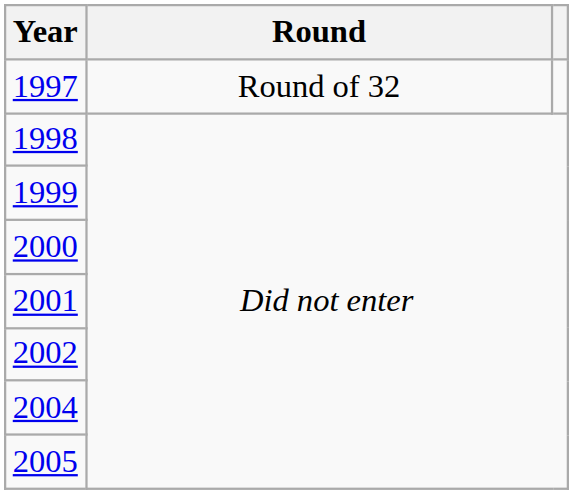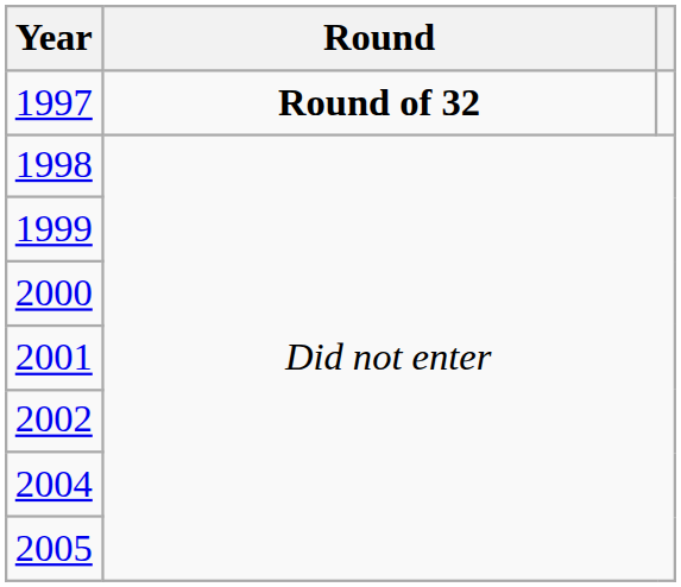 <table class="wikitable" style="text-align: center; font-size:90%">
 <tr>
 <th>Year</th>
 <th style="width:200px">Round</th>
 <th></th>
 </tr>
 <tr>
 <td><a href='#'>1997</a></td>
-<td>Round of 32</td>
+<td><strong>Round of 32</strong></td>
 <td></td>
 </tr>
 <tr>
 <td><a href='#'>1998</a></td>
 <td colspan="2" rowspan="7"><em>Did not enter</em></td>
 </tr>
 <tr>
 <td><a href='#'>1999</a></td>
 </tr>
 <tr>
 <td><a href='#'>2000</a></td>
 </tr>
 <tr>
 <td><a href='#'>2001</a></td>
 </tr>
 <tr>
 <td><a href='#'>2002</a></td>
 </tr>
 <tr>
 <td><a href='#'>2004</a></td>
 </tr>
 <tr>
 <td><a href='#'>2005</a></td>
 </tr>
 </table>
